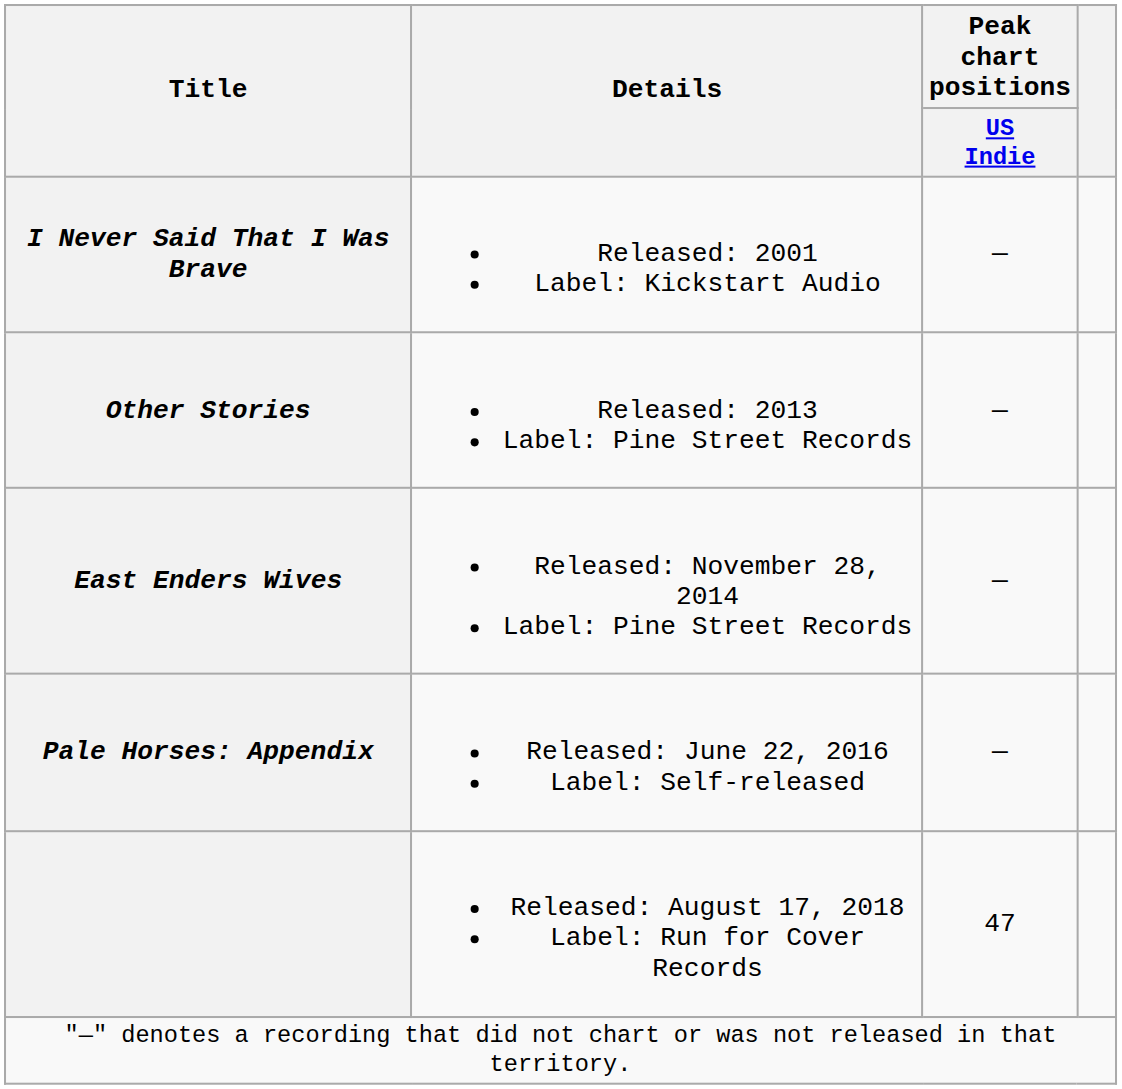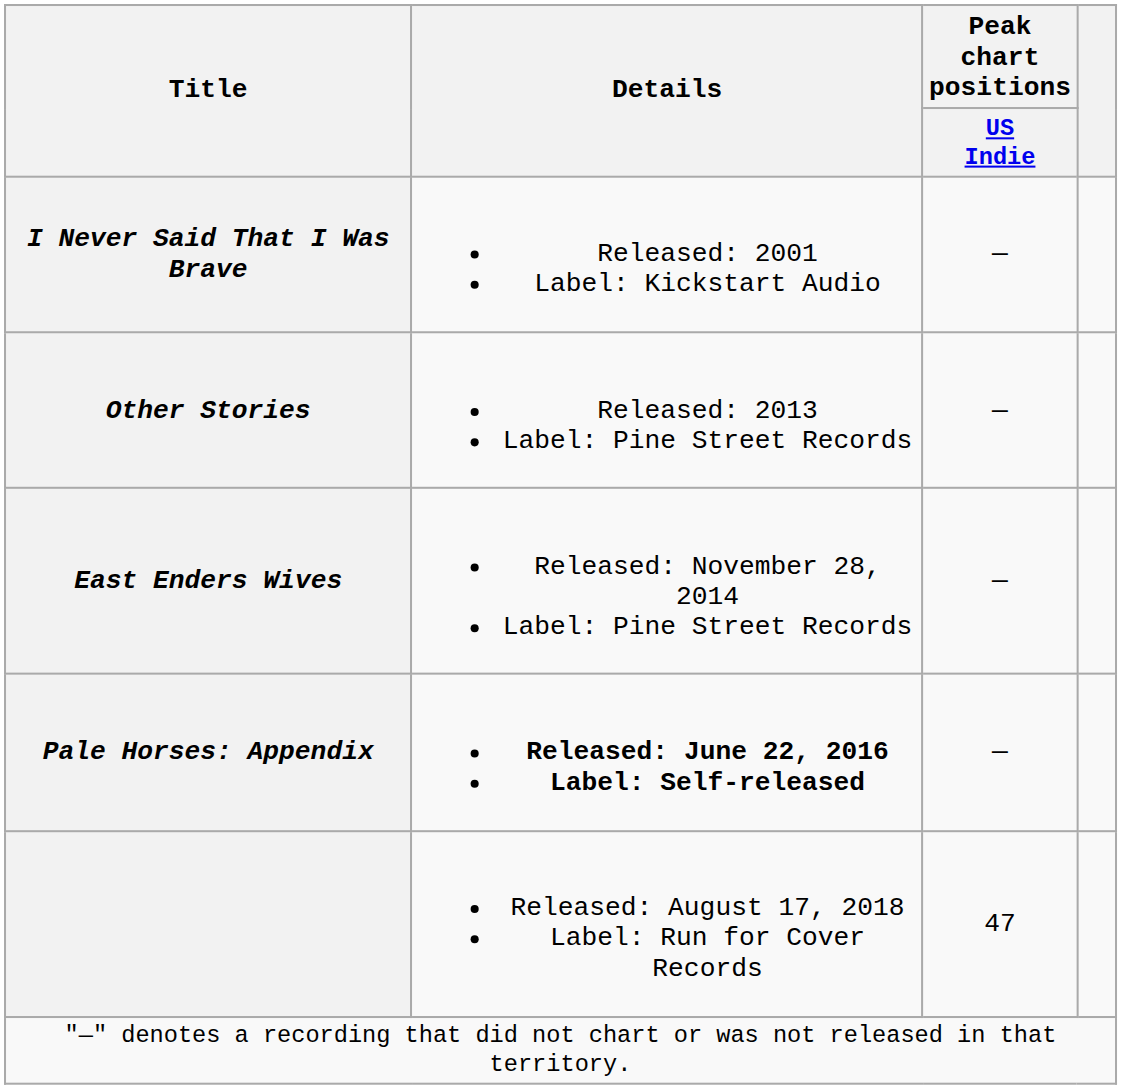 <table class="wikitable plainrowheaders" style="text-align:center;">
 <tr>
 <th scope="col" rowspan="2" style="width:15em;">Title</th>
 <th scope="col" rowspan="2" style="width:19em;">Details</th>
 <th scope="col" colspan="1">Peak chart positions</th>
 <th scope="col" rowspan="2" style="width:1em;"></th>
 </tr>
 <tr>
 <th scope="col" style="width:2.5em;font-size:90%;"><a href='#'>US<br>Indie</a><br></th>
 </tr>
 <tr>
 <th scope="row"><em>I Never Said That I Was Brave</em></th>
 <td><br><ul><li>Released: 2001</li><li>Label: Kickstart Audio</li></ul></td>
 <td>—</td>
 <td></td>
 </tr>
 <tr>
 <th scope="row"><em>Other Stories</em></th>
 <td><br><ul><li>Released:  2013</li><li>Label: Pine Street Records</li></ul></td>
 <td>—</td>
 <td></td>
 </tr>
 <tr>
 <th scope="row"><em>East Enders Wives</em></th>
 <td><br><ul><li>Released: November 28, 2014</li><li>Label: Pine Street Records</li></ul></td>
 <td>—</td>
 <td></td>
 </tr>
 <tr>
 <th scope="row"><em>Pale Horses: Appendix</em></th>
-<td><br><ul><li>Released: June 22, 2016</li><li>Label: Self-released</li></ul></td>
+<td><strong><br><ul><li>Released: June 22, 2016</li><li>Label: Self-released</li></ul></strong></td>
 <td>—</td>
 <td></td>
 </tr>
 <tr>
 <th scope="row"><em><a href='#'></a></em></th>
 <td><br><ul><li>Released: August 17, 2018</li><li>Label: Run for Cover Records</li></ul></td>
 <td>47</td>
 <td></td>
 </tr>
 <tr>
 <td colspan="5" style="font-size:90%">"—" denotes a recording that did not chart or was not released in that territory.</td>
 </tr>
 </table>
